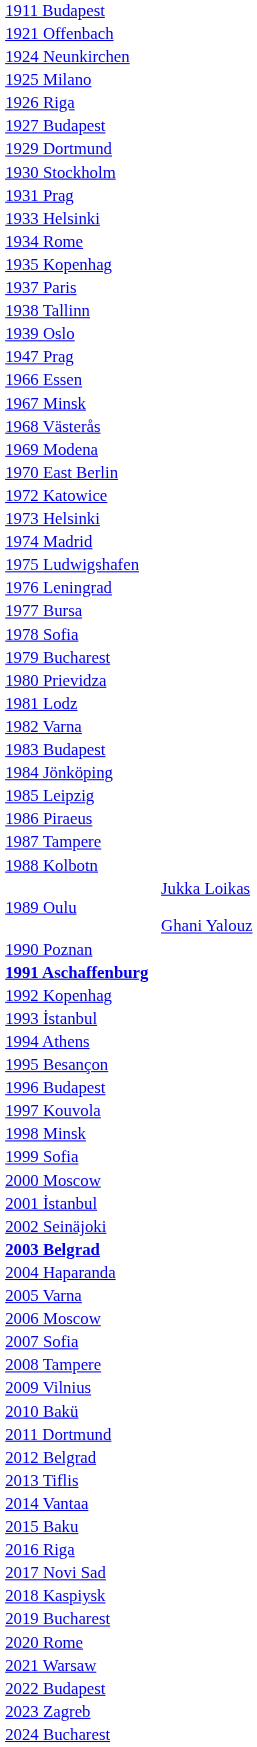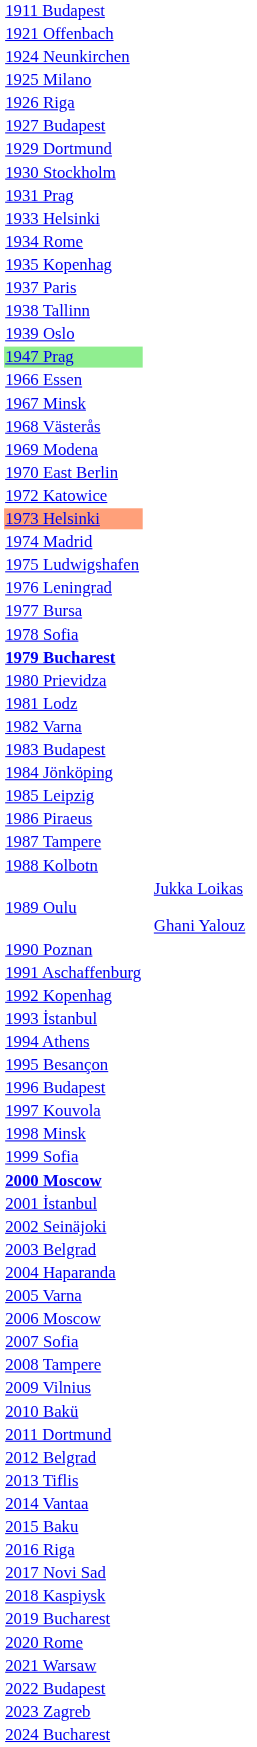 <table>
 <tr>
 <td><a href='#'>1911 Budapest</a></td>
 <td></td>
 <td></td>
 <td></td>
 </tr>
 <tr>
 <td><a href='#'>1921 Offenbach</a></td>
 <td></td>
 <td></td>
 <td></td>
 </tr>
 <tr>
 <td><a href='#'>1924 Neunkirchen</a></td>
 <td></td>
 <td></td>
 <td></td>
 </tr>
 <tr>
 <td><a href='#'>1925 Milano</a></td>
 <td></td>
 <td></td>
 <td></td>
 </tr>
 <tr>
 <td><a href='#'>1926 Riga</a></td>
 <td></td>
 <td></td>
 <td></td>
 </tr>
 <tr>
 <td><a href='#'>1927 Budapest</a></td>
 <td></td>
 <td></td>
 <td></td>
 </tr>
 <tr>
 <td><a href='#'>1929 Dortmund</a></td>
 <td></td>
 <td></td>
 <td></td>
 </tr>
 <tr>
 <td><a href='#'>1930 Stockholm</a></td>
 <td></td>
 <td></td>
 <td></td>
 </tr>
 <tr>
 <td><a href='#'>1931 Prag</a></td>
 <td></td>
 <td></td>
 <td></td>
 </tr>
 <tr>
 <td><a href='#'>1933 Helsinki</a></td>
 <td></td>
 <td></td>
 <td></td>
 </tr>
 <tr>
 <td><a href='#'>1934 Rome</a></td>
 <td></td>
 <td></td>
 <td></td>
 </tr>
 <tr>
 <td><a href='#'>1935 Kopenhag</a></td>
 <td></td>
 <td></td>
 <td></td>
 </tr>
 <tr>
 <td><a href='#'>1937 Paris</a></td>
 <td></td>
 <td></td>
 <td></td>
 </tr>
 <tr>
 <td><a href='#'>1938 Tallinn</a></td>
 <td></td>
 <td></td>
 <td></td>
 </tr>
 <tr>
 <td><a href='#'>1939 Oslo</a></td>
 <td></td>
 <td></td>
 <td></td>
 </tr>
 <tr>
-<td><a href='#'>1947 Prag</a></td>
+<td style="background: lightgreen;"><a href='#'>1947 Prag</a></td>
 <td></td>
 <td></td>
 <td></td>
 </tr>
 <tr>
 <td><a href='#'>1966 Essen</a></td>
 <td></td>
 <td></td>
 <td></td>
 </tr>
 <tr>
 <td><a href='#'>1967 Minsk</a></td>
 <td></td>
 <td></td>
 <td></td>
 </tr>
 <tr>
 <td><a href='#'>1968 Västerås</a></td>
 <td></td>
 <td></td>
 <td></td>
 </tr>
 <tr>
 <td><a href='#'>1969 Modena</a></td>
 <td></td>
 <td></td>
 <td></td>
 </tr>
 <tr>
 <td><a href='#'>1970 East Berlin</a></td>
 <td></td>
 <td></td>
 <td></td>
 </tr>
 <tr>
 <td><a href='#'>1972 Katowice</a></td>
 <td></td>
 <td></td>
 <td></td>
 </tr>
 <tr>
-<td><a href='#'>1973 Helsinki</a></td>
+<td style="background: lightsalmon;"><a href='#'>1973 Helsinki</a></td>
 <td></td>
 <td></td>
 <td></td>
 </tr>
 <tr>
 <td><a href='#'>1974 Madrid</a></td>
 <td></td>
 <td></td>
 <td></td>
 </tr>
 <tr>
 <td><a href='#'>1975 Ludwigshafen</a></td>
 <td></td>
 <td></td>
 <td></td>
 </tr>
 <tr>
 <td><a href='#'>1976 Leningrad</a></td>
 <td></td>
 <td></td>
 <td></td>
 </tr>
 <tr>
 <td><a href='#'>1977 Bursa</a></td>
 <td></td>
 <td></td>
 <td></td>
 </tr>
 <tr>
 <td><a href='#'>1978 Sofia</a></td>
 <td></td>
 <td></td>
 <td></td>
 </tr>
 <tr>
-<td><a href='#'>1979 Bucharest</a></td>
+<td><strong><a href='#'>1979 Bucharest</a></strong></td>
 <td></td>
 <td></td>
 <td></td>
 </tr>
 <tr>
 <td><a href='#'>1980 Prievidza</a></td>
 <td></td>
 <td></td>
 <td></td>
 </tr>
 <tr>
 <td><a href='#'>1981 Lodz</a></td>
 <td></td>
 <td></td>
 <td></td>
 </tr>
 <tr>
 <td><a href='#'>1982 Varna</a></td>
 <td></td>
 <td></td>
 <td></td>
 </tr>
 <tr>
 <td><a href='#'>1983 Budapest</a></td>
 <td></td>
 <td></td>
 <td></td>
 </tr>
 <tr>
 <td><a href='#'>1984 Jönköping</a></td>
 <td></td>
 <td></td>
 <td></td>
 </tr>
 <tr>
 <td><a href='#'>1985 Leipzig</a></td>
 <td></td>
 <td></td>
 <td></td>
 </tr>
 <tr>
 <td><a href='#'>1986 Piraeus</a></td>
 <td></td>
 <td></td>
 <td></td>
 </tr>
 <tr>
 <td><a href='#'>1987 Tampere</a></td>
 <td></td>
 <td></td>
 <td></td>
 </tr>
 <tr>
 <td><a href='#'>1988 Kolbotn</a></td>
 <td></td>
 <td></td>
 <td></td>
 </tr>
 <tr>
 <td><a href='#'>1989 Oulu</a></td>
 <td></td>
 <td></td>
 <td><a href='#'>Jukka Loikas</a> <br>  <br> <a href='#'>Ghani Yalouz</a> <br> </td>
 </tr>
 <tr>
 <td><a href='#'>1990 Poznan</a></td>
 <td></td>
 <td></td>
 <td></td>
 </tr>
 <tr>
-<td><strong><a href='#'>1991 Aschaffenburg</a></strong></td>
+<td><a href='#'>1991 Aschaffenburg</a></td>
 <td></td>
 <td></td>
 <td></td>
 </tr>
 <tr>
 <td><a href='#'>1992 Kopenhag</a></td>
 <td></td>
 <td></td>
 <td></td>
 </tr>
 <tr>
 <td><a href='#'>1993 İstanbul</a></td>
 <td></td>
 <td></td>
 <td></td>
 </tr>
 <tr>
 <td><a href='#'>1994 Athens</a></td>
 <td></td>
 <td></td>
 <td></td>
 </tr>
 <tr>
 <td><a href='#'>1995 Besançon</a></td>
 <td></td>
 <td></td>
 <td></td>
 </tr>
 <tr>
 <td><a href='#'>1996 Budapest</a></td>
 <td></td>
 <td></td>
 <td></td>
 </tr>
 <tr>
 <td><a href='#'>1997 Kouvola</a></td>
 <td></td>
 <td></td>
 <td></td>
 </tr>
 <tr>
 <td><a href='#'>1998 Minsk</a></td>
 <td></td>
 <td></td>
 <td></td>
 </tr>
 <tr>
 <td><a href='#'>1999 Sofia</a></td>
 <td></td>
 <td></td>
 <td></td>
 </tr>
 <tr>
-<td><a href='#'>2000 Moscow</a></td>
+<td><strong><a href='#'>2000 Moscow</a></strong></td>
 <td></td>
 <td></td>
 <td></td>
 </tr>
 <tr>
 <td><a href='#'>2001 İstanbul</a></td>
 <td></td>
 <td></td>
 <td></td>
 </tr>
 <tr>
 <td><a href='#'>2002 Seinäjoki</a></td>
 <td></td>
 <td></td>
 <td></td>
 </tr>
 <tr>
-<td><strong><a href='#'>2003 Belgrad</a></strong></td>
+<td><a href='#'>2003 Belgrad</a></td>
 <td></td>
 <td></td>
 <td></td>
 </tr>
 <tr>
 <td><a href='#'>2004 Haparanda</a></td>
 <td></td>
 <td></td>
 <td></td>
 </tr>
 <tr>
 <td rowspan=2><a href='#'>2005 Varna</a></td>
 <td rowspan=2></td>
 <td rowspan=2></td>
 <td></td>
 </tr>
 <tr>
 <td></td>
 </tr>
 <tr>
 <td rowspan=2><a href='#'>2006 Moscow</a></td>
 <td rowspan=2></td>
 <td rowspan=2></td>
 <td></td>
 </tr>
 <tr>
 <td></td>
 </tr>
 <tr>
 <td rowspan=2><a href='#'>2007 Sofia</a></td>
 <td rowspan=2></td>
 <td rowspan=2></td>
 <td></td>
 </tr>
 <tr>
 <td></td>
 </tr>
 <tr>
 <td rowspan=2><a href='#'>2008 Tampere</a></td>
 <td rowspan=2></td>
 <td rowspan=2></td>
 <td></td>
 </tr>
 <tr>
 <td></td>
 </tr>
 <tr>
 <td rowspan=2><a href='#'>2009 Vilnius</a></td>
 <td rowspan=2></td>
 <td rowspan=2></td>
 <td></td>
 </tr>
 <tr>
 <td></td>
 </tr>
 <tr>
 <td rowspan=2><a href='#'>2010 Bakü</a></td>
 <td rowspan=2></td>
 <td rowspan=2></td>
 <td></td>
 </tr>
 <tr>
 <td></td>
 </tr>
 <tr>
 <td rowspan=2><a href='#'>2011 Dortmund</a></td>
 <td rowspan=2></td>
 <td rowspan=2></td>
 <td></td>
 </tr>
 <tr>
 <td></td>
 </tr>
 <tr>
 <td rowspan=2><a href='#'>2012 Belgrad</a></td>
 <td rowspan=2></td>
 <td rowspan=2></td>
 <td></td>
 </tr>
 <tr>
 <td></td>
 </tr>
 <tr>
 <td rowspan=2><a href='#'>2013 Tiflis</a></td>
 <td rowspan=2></td>
 <td rowspan=2></td>
 <td></td>
 </tr>
 <tr>
 <td></td>
 </tr>
 <tr>
 <td rowspan=2><a href='#'>2014 Vantaa</a></td>
 <td rowspan=2></td>
 <td rowspan=2></td>
 <td></td>
 </tr>
 <tr>
 <td></td>
 </tr>
 <tr>
 <td rowspan=2><a href='#'>2015 Baku</a></td>
 <td rowspan=2></td>
 <td rowspan=2></td>
 <td></td>
 </tr>
 <tr>
 <td></td>
 </tr>
 <tr>
 <td rowspan=2><a href='#'>2016 Riga</a></td>
 <td rowspan=2></td>
 <td rowspan=2></td>
 <td></td>
 </tr>
 <tr>
 <td></td>
 </tr>
 <tr>
 <td rowspan=2><a href='#'>2017 Novi Sad</a></td>
 <td rowspan=2></td>
 <td rowspan=2></td>
 <td></td>
 </tr>
 <tr>
 <td></td>
 </tr>
 <tr>
 <td rowspan=2><a href='#'>2018 Kaspiysk</a></td>
 <td rowspan=2></td>
 <td rowspan=2></td>
 <td></td>
 </tr>
 <tr>
 <td></td>
 </tr>
 <tr>
 <td rowspan=2><a href='#'>2019 Bucharest</a></td>
 <td rowspan=2></td>
 <td rowspan=2></td>
 <td></td>
 </tr>
 <tr>
 <td></td>
 </tr>
 <tr>
 <td rowspan=2><a href='#'>2020 Rome</a></td>
 <td rowspan=2></td>
 <td rowspan=2></td>
 <td></td>
 </tr>
 <tr>
 <td></td>
 </tr>
 <tr>
 <td rowspan=2><a href='#'>2021 Warsaw</a></td>
 <td rowspan=2></td>
 <td rowspan=2></td>
 <td></td>
 </tr>
 <tr>
 <td></td>
 </tr>
 <tr>
 <td rowspan=2><a href='#'>2022 Budapest</a></td>
 <td rowspan=2></td>
 <td rowspan=2></td>
 <td></td>
 </tr>
 <tr>
 <td></td>
 </tr>
 <tr>
 <td rowspan=2><a href='#'>2023 Zagreb</a></td>
 <td rowspan=2></td>
 <td rowspan=2></td>
 <td></td>
 </tr>
 <tr>
 <td></td>
 </tr>
 <tr>
 <td rowspan=2><a href='#'>2024 Bucharest</a></td>
 <td rowspan=2></td>
 <td rowspan=2></td>
 <td></td>
 </tr>
 <tr>
 <td></td>
 </tr>
 </table>
